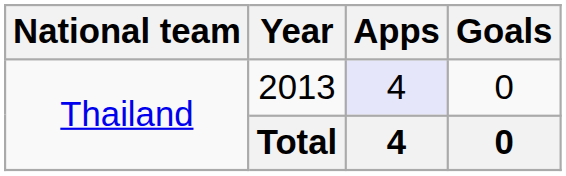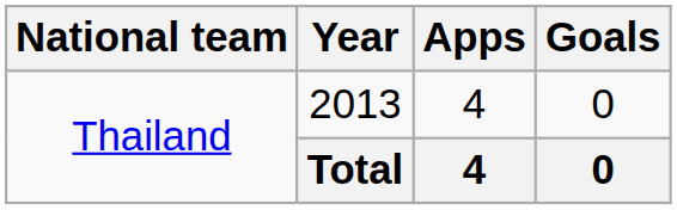 <table class="wikitable" style="text-align:center">
 <tr>
 <th>National team</th>
 <th>Year</th>
 <th>Apps</th>
 <th>Goals</th>
 </tr>
 <tr>
 <td rowspan="5" valign="center"><a href='#'>Thailand</a></td>
 <td>2013</td>
-<td style="background: lavender;">4</td>
+<td>4</td>
 <td>0</td>
 </tr>
 <tr>
 <th>Total</th>
 <th>4</th>
 <th>0</th>
 </tr>
 </table>
